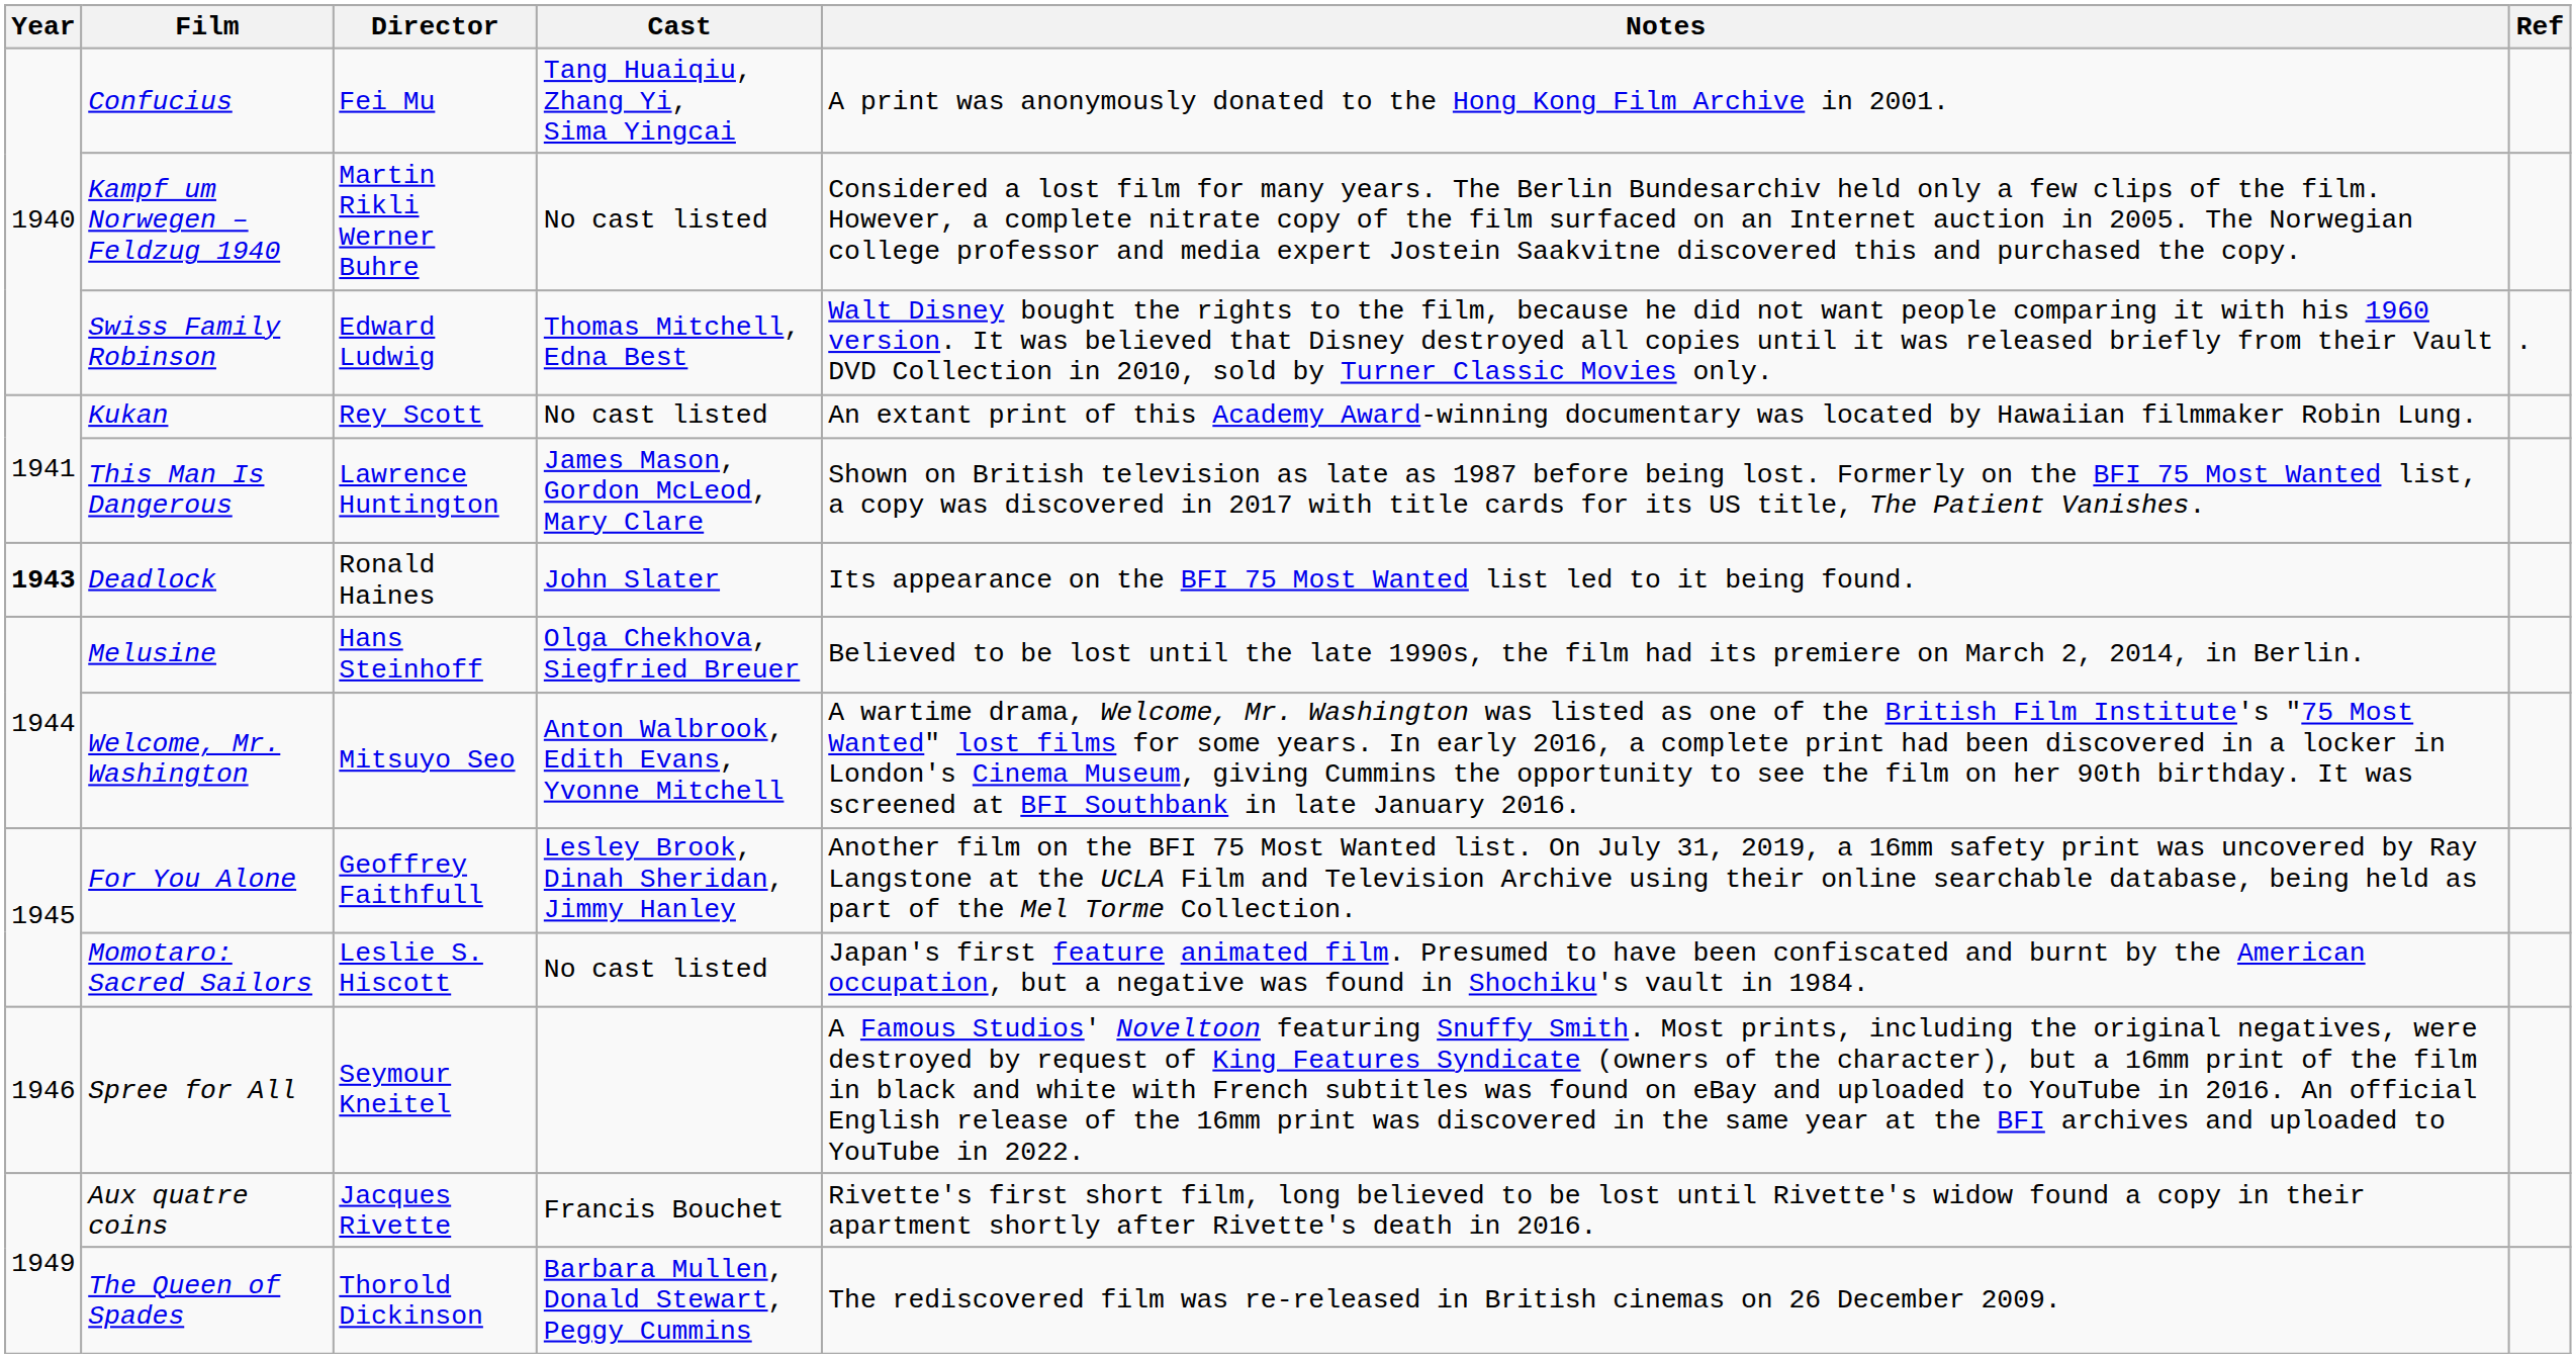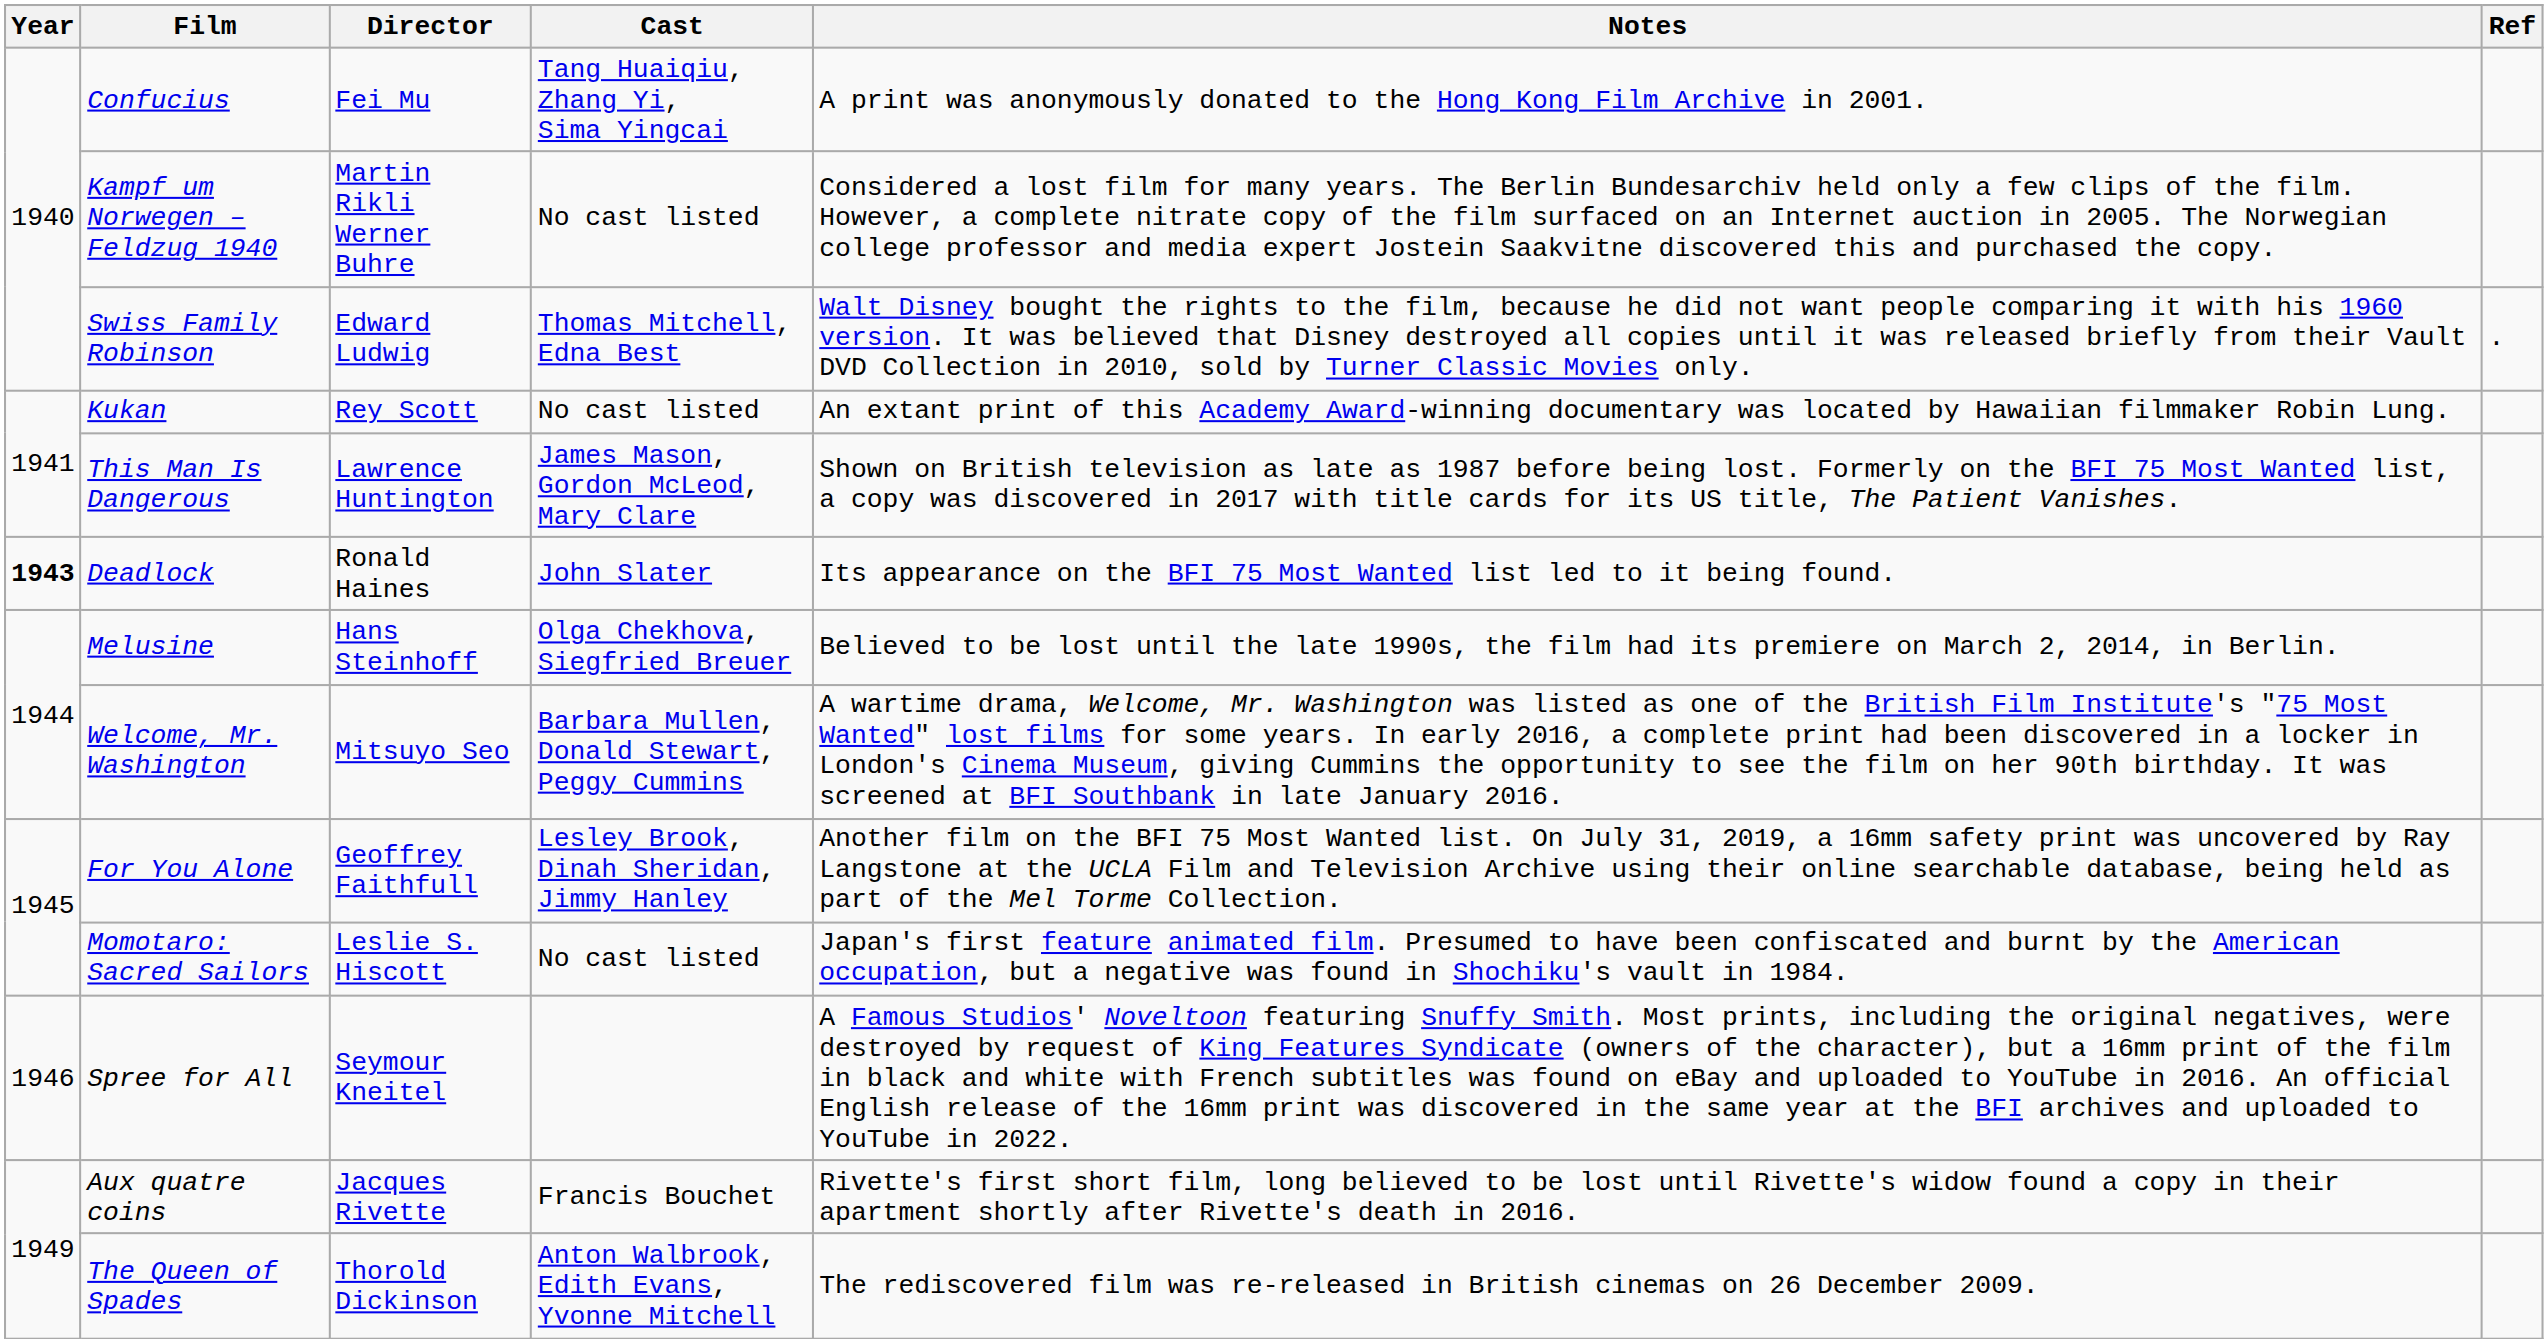 <table class="wikitable sortable">
 <tr>
 <th>Year</th>
 <th>Film</th>
 <th>Director</th>
 <th>Cast</th>
 <th>Notes</th>
 <th>Ref</th>
 </tr>
 <tr>
 <td rowspan=3>1940</td>
 <td><em><a href='#'>Confucius</a></em></td>
 <td><a href='#'>Fei Mu</a></td>
 <td><a href='#'>Tang Huaiqiu</a>,<br><a href='#'>Zhang Yi</a>,<br><a href='#'>Sima Yingcai</a></td>
 <td>A print was anonymously donated to the <a href='#'>Hong Kong Film Archive</a> in 2001.</td>
 <td></td>
 </tr>
 <tr>
 <td><em><a href='#'>Kampf um Norwegen – Feldzug 1940</a></em></td>
 <td><a href='#'>Martin Rikli</a><br><a href='#'>Werner Buhre</a></td>
 <td>No cast listed</td>
 <td>Considered a lost film for many years. The Berlin Bundesarchiv held only a few clips of the film. However, a complete nitrate copy of the film surfaced on an Internet auction in 2005. The Norwegian college professor and media expert Jostein Saakvitne discovered this and purchased the copy.</td>
 <td></td>
 </tr>
 <tr>
 <td><em><a href='#'>Swiss Family Robinson</a></em></td>
 <td><a href='#'>Edward Ludwig</a></td>
 <td><a href='#'>Thomas Mitchell</a>,<br><a href='#'>Edna Best</a></td>
 <td><a href='#'>Walt Disney</a> bought the rights to the film, because he did not want people comparing it with his <a href='#'>1960 version</a>. It was believed that Disney destroyed all copies until it was released briefly from their Vault DVD Collection in 2010, sold by <a href='#'>Turner Classic Movies</a> only.</td>
 <td>.</td>
 </tr>
 <tr>
 <td rowspan=2>1941</td>
 <td><em><a href='#'>Kukan</a></em></td>
 <td><a href='#'>Rey Scott</a></td>
 <td>No cast listed</td>
 <td>An extant print of this <a href='#'>Academy Award</a>-winning documentary was located by Hawaiian filmmaker Robin Lung.</td>
 <td></td>
 </tr>
 <tr>
 <td><em><a href='#'>This Man Is Dangerous</a></em></td>
 <td><a href='#'>Lawrence Huntington</a></td>
 <td><a href='#'>James Mason</a>, <a href='#'>Gordon McLeod</a>, <a href='#'>Mary Clare</a></td>
 <td>Shown on British television as late as 1987 before being lost. Formerly on the <a href='#'>BFI 75 Most Wanted</a> list, a copy was discovered in 2017 with title cards for its US title, <em>The Patient Vanishes</em>.</td>
 <td></td>
 </tr>
 <tr>
 <td><strong>1943</strong></td>
 <td><em><a href='#'>Deadlock</a></em></td>
 <td>Ronald Haines</td>
 <td><a href='#'>John Slater</a></td>
 <td>Its appearance on the <a href='#'>BFI 75 Most Wanted</a> list led to it being found.</td>
 <td></td>
 </tr>
 <tr>
 <td rowspan=2>1944</td>
 <td><em><a href='#'>Melusine</a> </em></td>
 <td><a href='#'>Hans Steinhoff</a></td>
 <td><a href='#'>Olga Chekhova</a>, <a href='#'>Siegfried Breuer</a></td>
 <td>Believed to be lost until the late 1990s, the film had its premiere on March 2, 2014, in Berlin.</td>
 <td></td>
 </tr>
 <tr>
 <td><em><a href='#'>Welcome, Mr. Washington</a> </em></td>
 <td><a href='#'>Mitsuyo Seo</a></td>
-<td><a href='#'>Anton Walbrook</a>, <a href='#'>Edith Evans</a>, <a href='#'>Yvonne Mitchell</a></td>
+<td><a href='#'>Barbara Mullen</a>, <a href='#'>Donald Stewart</a>, <a href='#'>Peggy Cummins</a></td>
 <td>A wartime drama, <em>Welcome, Mr. Washington</em> was listed as one of the <a href='#'>British Film Institute</a>'s "<a href='#'>75 Most Wanted</a>" <a href='#'>lost films</a> for some years. In early 2016, a complete print had been discovered in a locker in London's <a href='#'>Cinema Museum</a>, giving Cummins the opportunity to see the film on her 90th birthday. It was screened at <a href='#'>BFI Southbank</a> in late January 2016.</td>
 <td></td>
 </tr>
 <tr>
 <td rowspan=2>1945</td>
 <td><em><a href='#'>For You Alone</a></em></td>
 <td><a href='#'>Geoffrey Faithfull</a></td>
 <td><a href='#'>Lesley Brook</a>, <a href='#'>Dinah Sheridan</a>, <a href='#'>Jimmy Hanley</a></td>
 <td>Another film on the BFI 75 Most Wanted list. On July 31, 2019, a 16mm safety print was uncovered by Ray Langstone at the <em>UCLA</em> Film and Television Archive using their online searchable database, being held as part of the <em>Mel Torme</em> Collection.</td>
 <td></td>
 </tr>
 <tr>
 <td><em><a href='#'>Momotaro: Sacred Sailors</a></em></td>
 <td><a href='#'>Leslie S. Hiscott</a></td>
 <td>No cast listed</td>
 <td>Japan's first <a href='#'>feature</a> <a href='#'>animated film</a>. Presumed to have been confiscated and burnt by the <a href='#'>American occupation</a>, but a negative was found in <a href='#'>Shochiku</a>'s vault in 1984.</td>
 <td></td>
 </tr>
 <tr>
 <td>1946</td>
 <td><em>Spree for All</em></td>
 <td><a href='#'>Seymour Kneitel</a></td>
 <td></td>
 <td>A <a href='#'>Famous Studios</a>' <em><a href='#'>Noveltoon</a></em> featuring <a href='#'>Snuffy Smith</a>. Most prints, including the original negatives, were destroyed by request of <a href='#'>King Features Syndicate</a> (owners of the character), but a 16mm print of the film in black and white with French subtitles was found on eBay and uploaded to YouTube in 2016. An official English release of the 16mm print was discovered in the same year at the <a href='#'>BFI</a> archives and uploaded to YouTube in 2022.</td>
 <td></td>
 </tr>
 <tr>
 <td rowspan="2">1949</td>
 <td><em>Aux quatre coins</em></td>
 <td><a href='#'>Jacques Rivette</a></td>
 <td>Francis Bouchet</td>
 <td>Rivette's first short film, long believed to be lost until Rivette's widow found a copy in their apartment shortly after Rivette's death in 2016.</td>
 <td></td>
 </tr>
 <tr>
 <td><em><a href='#'>The Queen of Spades</a></em></td>
 <td><a href='#'>Thorold Dickinson</a></td>
-<td><a href='#'>Barbara Mullen</a>, <a href='#'>Donald Stewart</a>, <a href='#'>Peggy Cummins</a></td>
+<td><a href='#'>Anton Walbrook</a>, <a href='#'>Edith Evans</a>, <a href='#'>Yvonne Mitchell</a></td>
 <td>The rediscovered film was re-released in British cinemas on 26 December 2009.</td>
 <td></td>
 </tr>
 </table>
